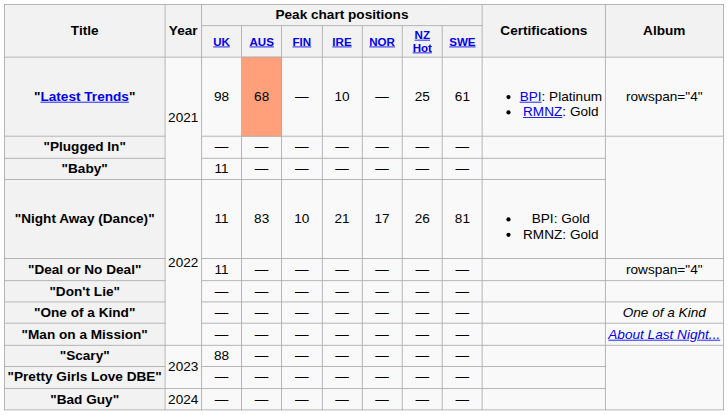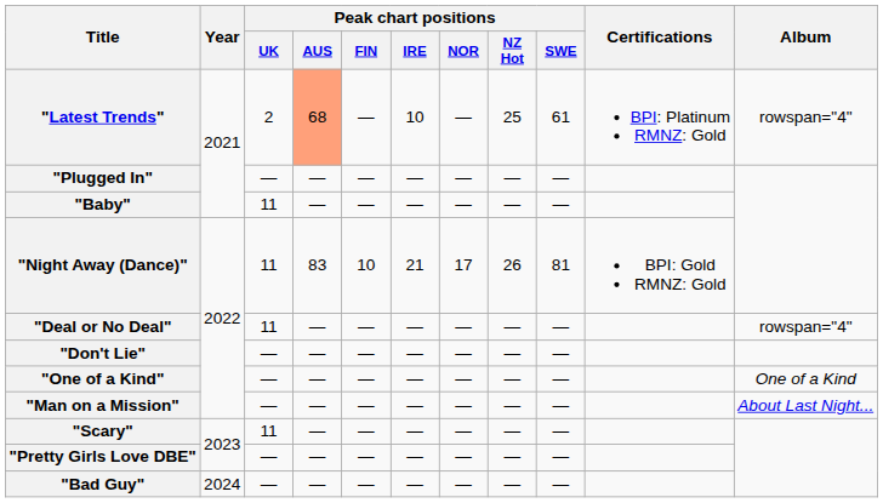 <table class="wikitable plainrowheaders" style="text-align:center;">
 <tr>
 <th scope="col" rowspan="2">Title</th>
 <th scope="col" rowspan="2">Year</th>
 <th scope="col" colspan="7">Peak chart positions</th>
 <th rowspan="2">Certifications</th>
 <th scope="col" rowspan="2">Album</th>
 </tr>
 <tr>
 <th scope="col" style="width:3em;font-size:85%;"><a href='#'>UK</a><br></th>
 <th scope="col" style="width:3em;font-size:85%;"><a href='#'>AUS</a><br></th>
 <th scope="col" style="width:3em;font-size:85%;"><a href='#'>FIN</a><br></th>
 <th scope="col" style="width:3em;font-size:85%;"><a href='#'>IRE</a><br></th>
 <th scope="col" style="width:3em;font-size:85%;"><a href='#'>NOR</a><br></th>
 <th scope="col" style="width:3em;font-size:85%;"><a href='#'>NZ<br>Hot</a><br></th>
 <th scope="col" style="width:3em;font-size:85%;"><a href='#'>SWE</a><br></th>
 </tr>
 <tr>
 <th scope="row">"<a href='#'>Latest Trends</a>"<br></th>
 <td rowspan="3">2021</td>
-<td>98</td>
+<td>2</td>
 <td style="background: lightsalmon;">68</td>
 <td>—</td>
 <td>10</td>
 <td>—</td>
 <td>25</td>
 <td>61</td>
 <td><br><ul><li><a href='#'>BPI</a>: Platinum</li><li><a href='#'>RMNZ</a>: Gold</li></ul></td>
 <td>rowspan="4" </td>
 </tr>
 <tr>
 <th scope="row">"Plugged In"<br></th>
 <td>—</td>
 <td>—</td>
 <td>—</td>
 <td>—</td>
 <td>—</td>
 <td>—</td>
 <td>—</td>
 <td></td>
 </tr>
 <tr>
 <th scope="row">"Baby"<br></th>
 <td>11</td>
 <td>—</td>
 <td>—</td>
 <td>—</td>
 <td>—</td>
 <td>—</td>
 <td>—</td>
 <td></td>
 </tr>
 <tr>
 <th scope="row">"Night Away (Dance)"<br></th>
 <td rowspan="5">2022</td>
 <td>11</td>
 <td>83</td>
 <td>10</td>
 <td>21</td>
 <td>17</td>
 <td>26</td>
 <td>81</td>
 <td><br><ul><li>BPI: Gold</li><li>RMNZ: Gold</li></ul></td>
 </tr>
 <tr>
 <th scope="row">"Deal or No Deal"<br></th>
 <td>11</td>
 <td>—</td>
 <td>—</td>
 <td>—</td>
 <td>—</td>
 <td>—</td>
 <td>—</td>
 <td></td>
 <td>rowspan="4" </td>
 </tr>
 <tr>
 <th scope="row">"Don't Lie"<br></th>
 <td>—</td>
 <td>—</td>
 <td>—</td>
 <td>—</td>
 <td>—</td>
 <td>—</td>
 <td>—</td>
 <td></td>
 <td></td>
 </tr>
 <tr>
 <th scope="row">"One of a Kind"<br></th>
 <td>—</td>
 <td>—</td>
 <td>—</td>
 <td>—</td>
 <td>—</td>
 <td>—</td>
 <td>—</td>
 <td></td>
 <td><em>One of a Kind</em></td>
 </tr>
 <tr>
 <th scope="Row">"Man on a Mission"<br></th>
 <td>—</td>
 <td>—</td>
 <td>—</td>
 <td>—</td>
 <td>—</td>
 <td>—</td>
 <td>—</td>
 <td></td>
 <td><em><a href='#'>About Last Night...</a></em></td>
 </tr>
 <tr>
 <th scope="Row">"Scary"<br></th>
 <td rowspan="2">2023</td>
-<td>88</td>
+<td>11</td>
 <td>—</td>
 <td>—</td>
 <td>—</td>
 <td>—</td>
 <td>—</td>
 <td>—</td>
 <td></td>
 </tr>
 <tr>
 <th scope="Row">"Pretty Girls Love DBE"</th>
 <td>—</td>
 <td>—</td>
 <td>—</td>
 <td>—</td>
 <td>—</td>
 <td>—</td>
 <td>—</td>
 <td></td>
 </tr>
 <tr>
 <th scope="Row">"Bad Guy"</th>
 <td>2024</td>
 <td>—</td>
 <td>—</td>
 <td>—</td>
 <td>—</td>
 <td>—</td>
 <td>—</td>
 <td>—</td>
 <td></td>
 </tr>
 </table>
